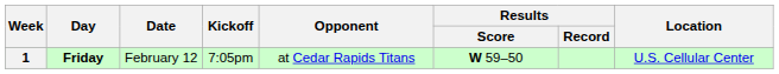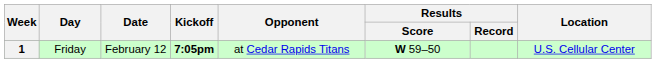 <table class="wikitable">
 <tr>
 <th rowspan="2" width="40">Week</th>
 <th rowspan="2" width="80">Day</th>
 <th rowspan="2" width="90">Date</th>
 <th rowspan="2" width="60">Kickoff</th>
 <th rowspan="2" width="200">Opponent</th>
 <th colspan="2" width="200">Results</th>
 <th rowspan="2" width="180">Location</th>
 </tr>
 <tr>
 <th width="140">Score</th>
 <th width="60">Record</th>
 </tr>
 <tr align="center" bgcolor="#CCFFCC">
 <th>1</th>
-<td><strong>Friday</strong></td>
+<td>Friday</td>
 <td>February 12</td>
-<td>7:05pm</td>
+<td><strong>7:05pm</strong></td>
 <td>at <a href='#'>Cedar Rapids Titans</a></td>
 <td><strong>W</strong> 59–50</td>
 <td></td>
 <td><a href='#'>U.S. Cellular Center</a></td>
 </tr>
 </table>
